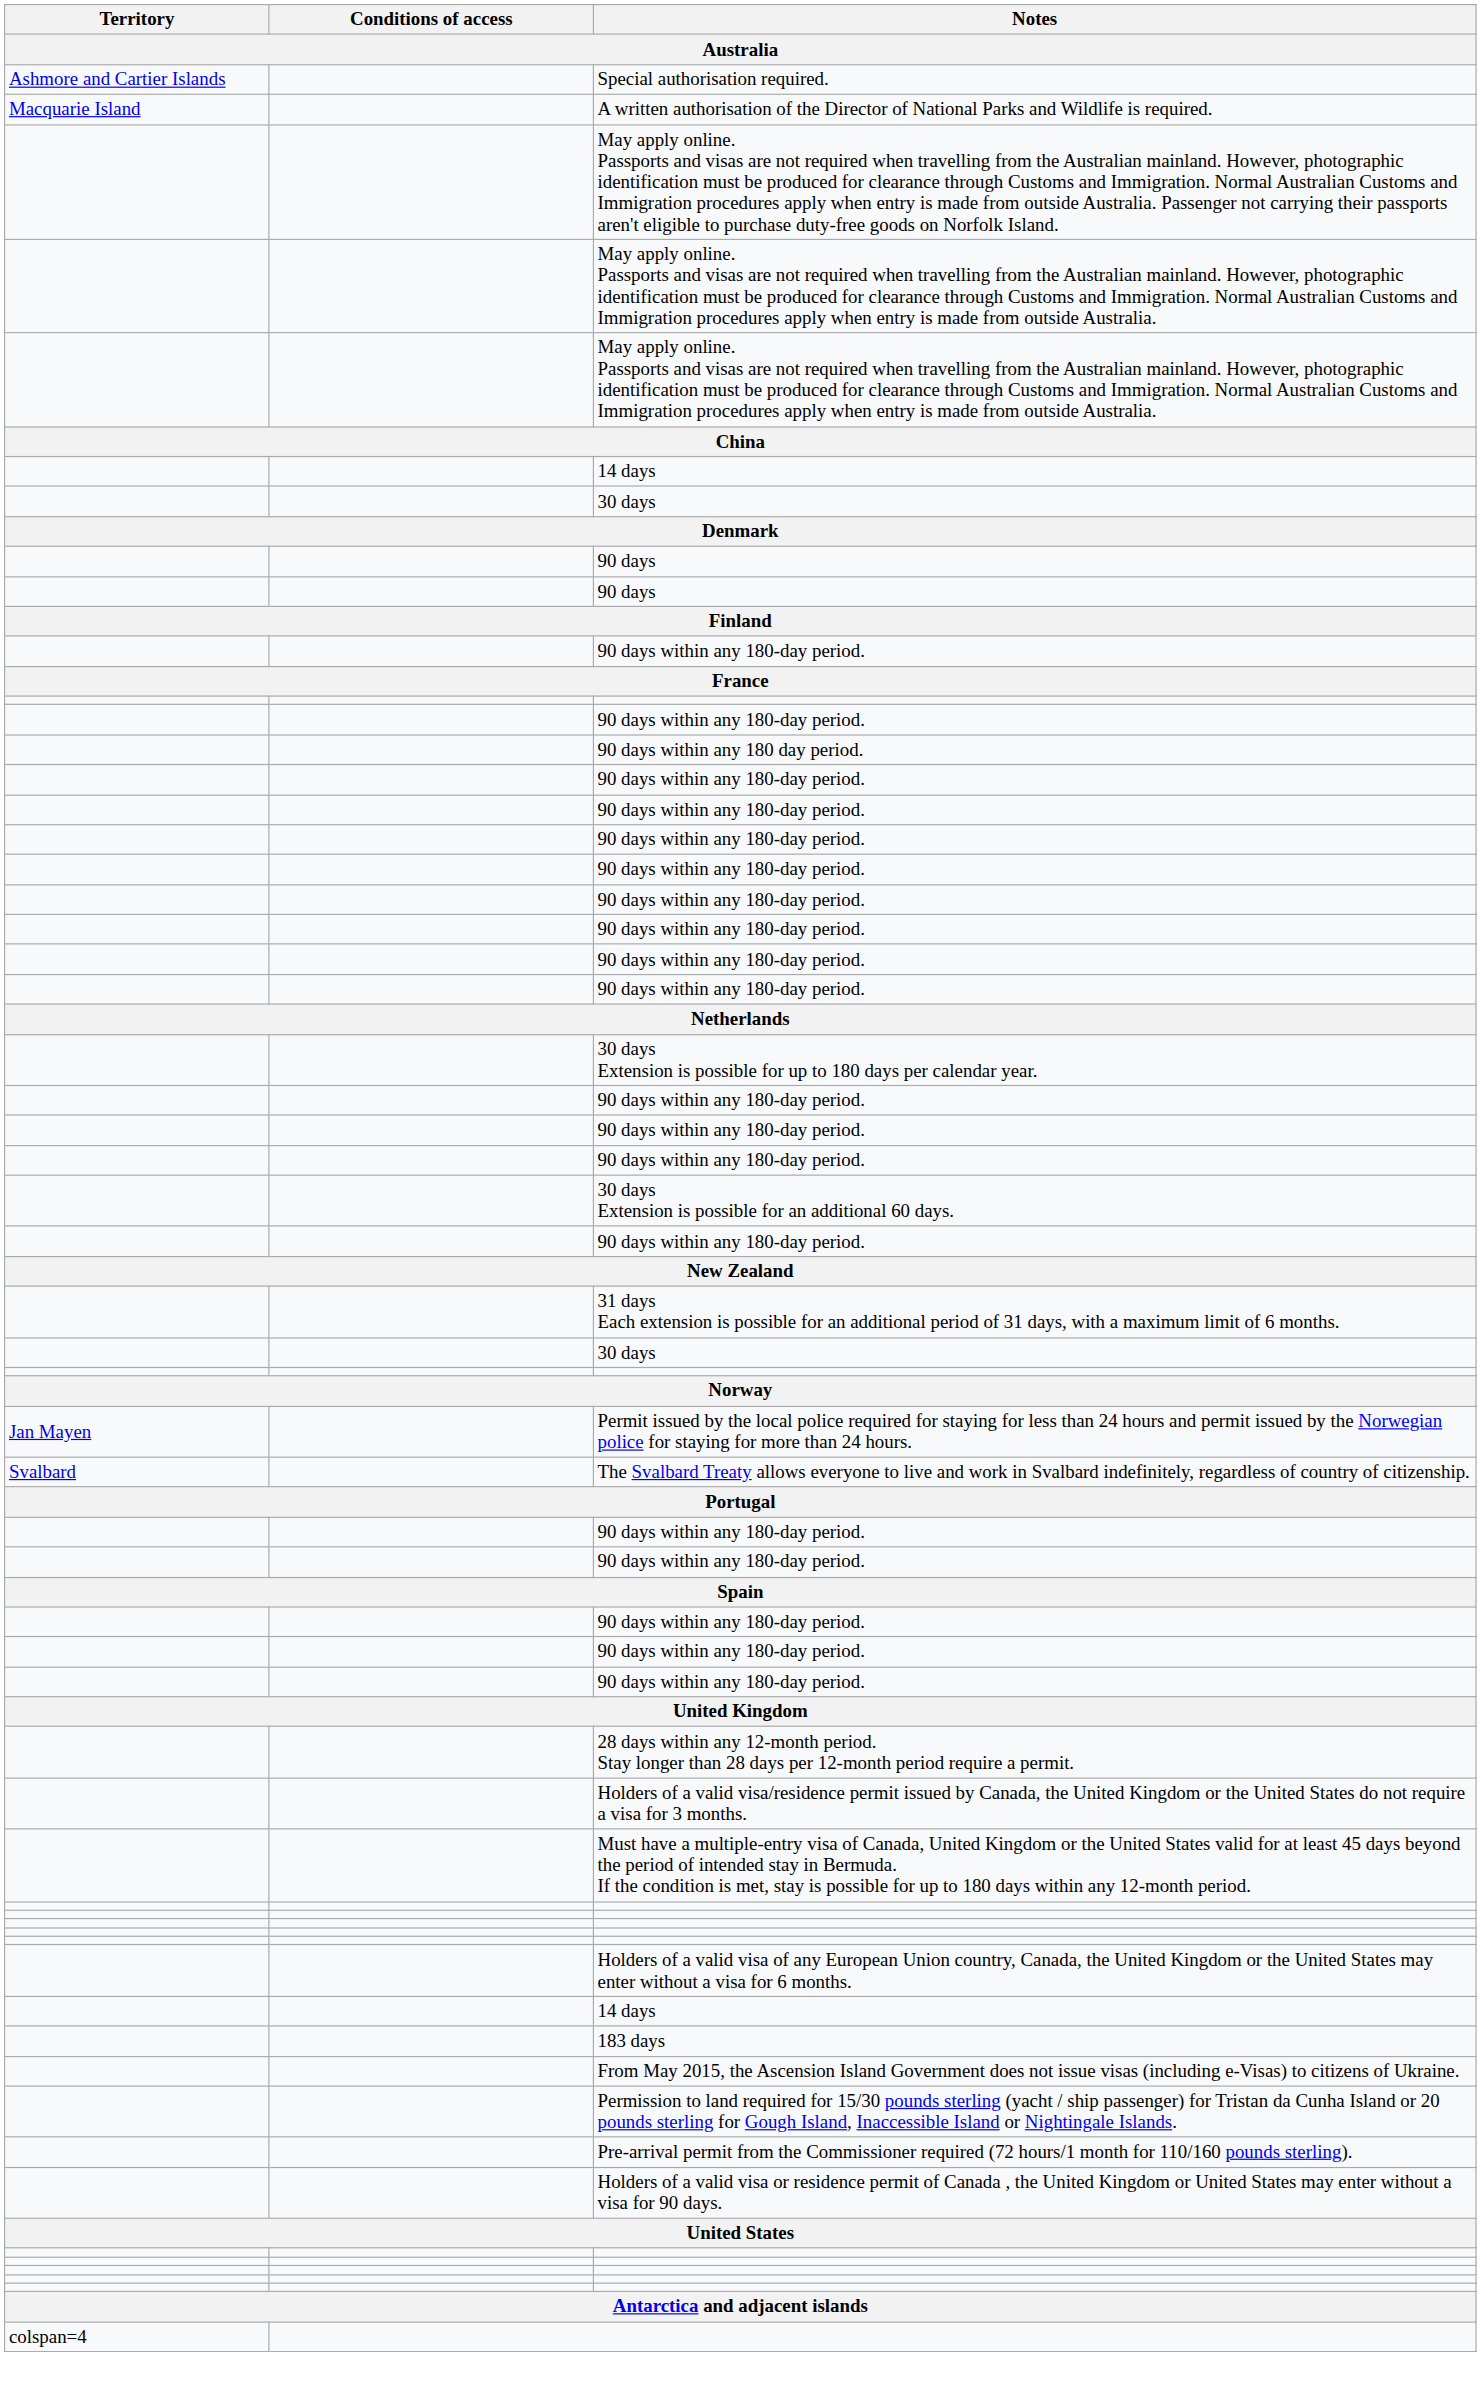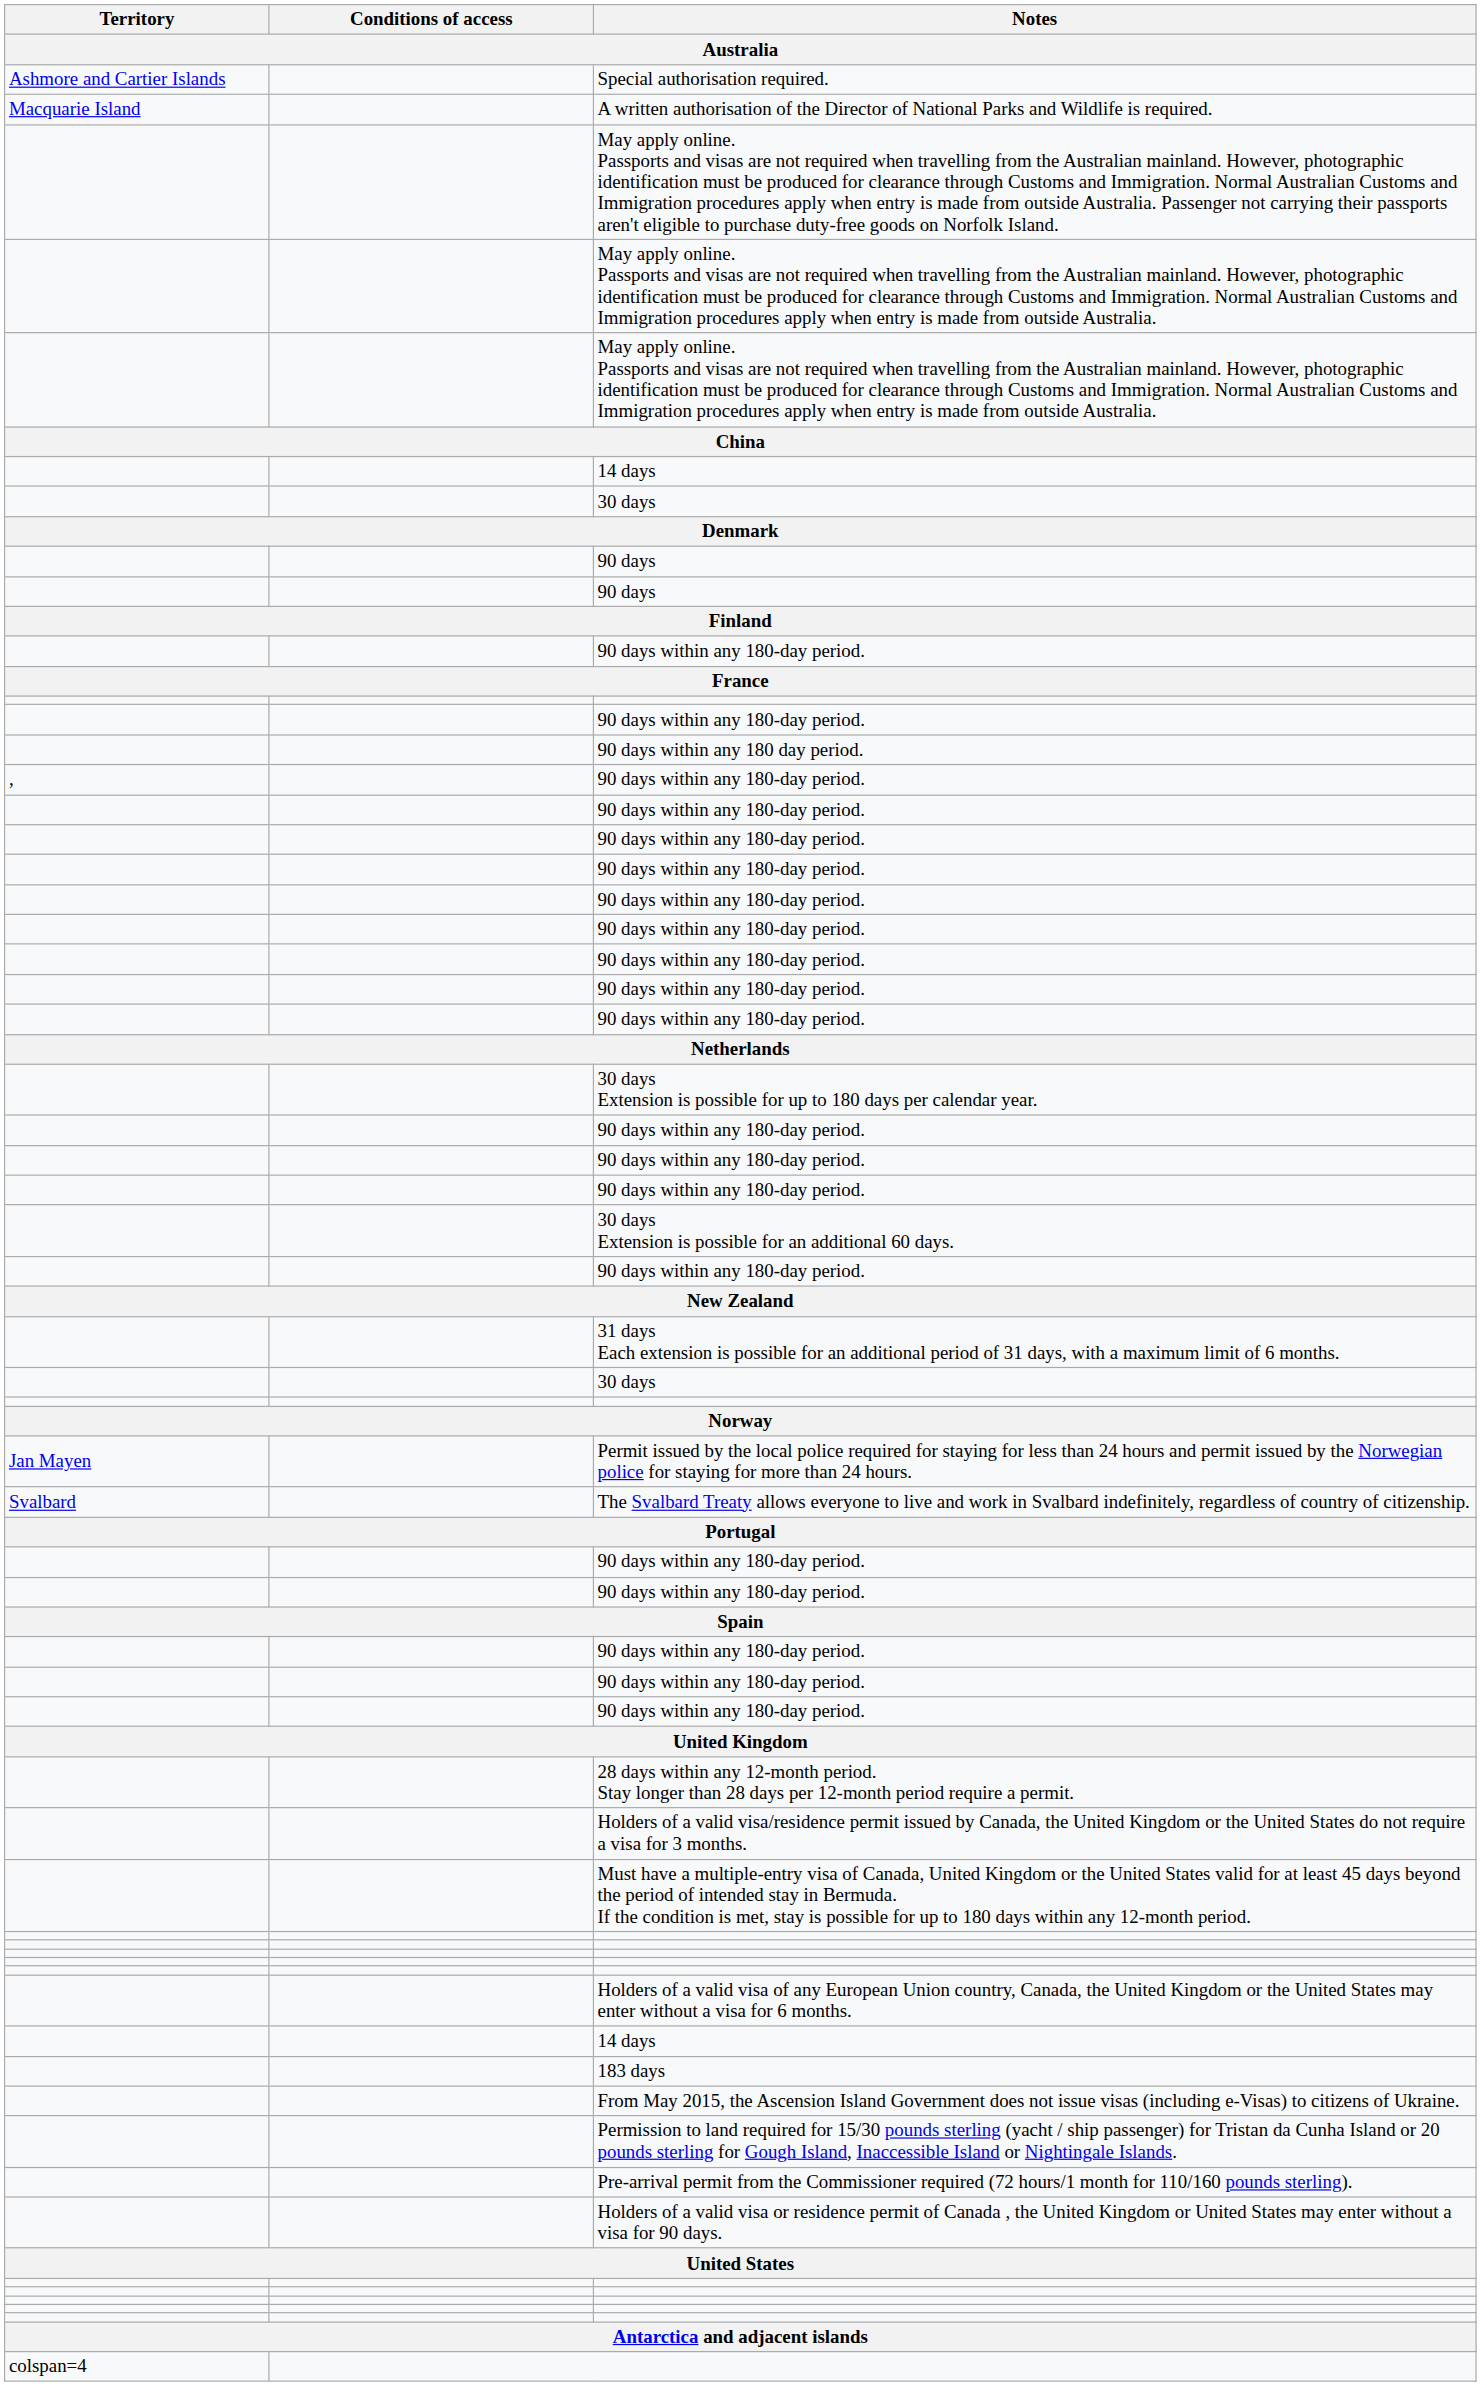 <table class="wikitable sortable sticky-header mw-datatable" style="text-align: left; table-layout: fixed;background:#f8f9faff;">
 <tr>
 <th style="width:18%;">Territory</th>
 <th style="width:22%;">Conditions of access</th>
 <th>Notes</th>
 </tr>
 <tr>
 <th colspan="3">Australia</th>
 </tr>
 <tr>
 <td> <a href='#'>Ashmore and Cartier Islands</a></td>
 <td></td>
 <td>Special authorisation required.</td>
 </tr>
 <tr>
 <td> <a href='#'>Macquarie Island</a></td>
 <td></td>
 <td>A written authorisation of the Director of National Parks and Wildlife is required.</td>
 </tr>
 <tr>
 <td></td>
 <td></td>
 <td>May apply online.<br>Passports and visas are not required when travelling from the Australian mainland. However, photographic identification must be produced for clearance through Customs and Immigration. Normal Australian Customs and Immigration procedures apply when entry is made from outside Australia.  Passenger not carrying their passports aren't eligible to purchase duty-free goods on Norfolk Island.</td>
 </tr>
 <tr>
 <td></td>
 <td></td>
 <td>May apply online.<br>Passports and visas are not required when travelling from the Australian mainland. However, photographic identification must be produced for clearance through Customs and Immigration. Normal Australian Customs and Immigration procedures apply when entry is made from outside Australia.</td>
 </tr>
 <tr>
 <td></td>
 <td></td>
 <td>May apply online.<br>Passports and visas are not required when travelling from the Australian mainland. However, photographic identification must be produced for clearance through Customs and Immigration. Normal Australian Customs and Immigration procedures apply when entry is made from outside Australia.</td>
 </tr>
 <tr>
 <th colspan="3">China</th>
 </tr>
 <tr>
 <td></td>
 <td></td>
 <td>14 days</td>
 </tr>
 <tr>
 <td></td>
 <td></td>
 <td>30 days</td>
 </tr>
 <tr>
 <th colspan="3">Denmark</th>
 </tr>
 <tr>
 <td></td>
 <td></td>
 <td>90 days</td>
 </tr>
 <tr>
 <td></td>
 <td></td>
 <td>90 days</td>
 </tr>
 <tr>
 <th colspan="3">Finland</th>
 </tr>
 <tr>
 <td></td>
 <td></td>
 <td>90 days within any 180-day period.</td>
 </tr>
 <tr>
 <th colspan="3">France</th>
 </tr>
 <tr>
 <td></td>
 <td></td>
 <td></td>
 </tr>
 <tr>
 <td></td>
 <td></td>
 <td>90 days within any 180-day period.</td>
 </tr>
 <tr>
 <td></td>
 <td></td>
 <td>90 days within any 180 day period.</td>
+</tr>
+<tr>
+<td>,</td>
+<td></td>
+<td>90 days within any 180-day period.</td>
 </tr>
 <tr>
 <td></td>
 <td></td>
 <td>90 days within any 180-day period.</td>
 </tr>
 <tr>
 <td></td>
 <td></td>
 <td>90 days within any 180-day period.</td>
 </tr>
 <tr>
 <td></td>
 <td></td>
 <td>90 days within any 180-day period.</td>
 </tr>
 <tr>
 <td></td>
 <td></td>
 <td>90 days within any 180-day period.</td>
 </tr>
 <tr>
 <td></td>
 <td></td>
 <td>90 days within any 180-day period.</td>
 </tr>
 <tr>
 <td></td>
 <td></td>
 <td>90 days within any 180-day period.</td>
 </tr>
 <tr>
 <td></td>
 <td></td>
 <td>90 days within any 180-day period.</td>
 </tr>
 <tr>
 <td></td>
 <td></td>
 <td>90 days within any 180-day period.</td>
 </tr>
 <tr>
 <th colspan="3">Netherlands</th>
 </tr>
 <tr>
 <td></td>
 <td></td>
 <td>30 days<br>Extension is possible for up to 180 days per calendar year.</td>
 </tr>
 <tr>
 <td></td>
 <td></td>
 <td>90 days within any 180-day period.</td>
 </tr>
 <tr>
 <td></td>
 <td></td>
 <td>90 days within any 180-day period.</td>
 </tr>
 <tr>
 <td></td>
 <td></td>
 <td>90 days within any 180-day period.</td>
 </tr>
 <tr>
 <td></td>
 <td></td>
 <td>30 days<br>Extension is possible for an additional 60 days.</td>
 </tr>
 <tr>
 <td></td>
 <td></td>
 <td>90 days within any 180-day period.</td>
 </tr>
 <tr>
 <th colspan="3">New Zealand</th>
 </tr>
 <tr>
 <td></td>
 <td></td>
 <td>31 days<br>Each extension is possible for an additional period of 31 days, with a maximum limit of 6 months.</td>
 </tr>
 <tr>
 <td></td>
 <td></td>
 <td>30 days</td>
 </tr>
 <tr>
 <td></td>
 <td></td>
 <td></td>
 </tr>
 <tr>
 <th colspan="3">Norway</th>
 </tr>
 <tr>
 <td> <a href='#'>Jan Mayen</a></td>
 <td></td>
 <td>Permit issued by the local police required for staying for less than 24 hours and permit issued by the <a href='#'>Norwegian police</a> for staying for more than 24 hours.</td>
 </tr>
 <tr>
 <td> <a href='#'>Svalbard</a></td>
 <td></td>
 <td>The <a href='#'>Svalbard Treaty</a> allows everyone to live and work in Svalbard indefinitely, regardless of country of citizenship.</td>
 </tr>
 <tr>
 <th colspan="3">Portugal</th>
 </tr>
 <tr>
 <td></td>
 <td></td>
 <td>90 days within any 180-day period.</td>
 </tr>
 <tr>
 <td></td>
 <td></td>
 <td>90 days within any 180-day period.</td>
 </tr>
 <tr>
 <th colspan="3">Spain</th>
 </tr>
 <tr>
 <td></td>
 <td></td>
 <td>90 days within any 180-day period.</td>
 </tr>
 <tr>
 <td></td>
 <td></td>
 <td>90 days within any 180-day period.</td>
 </tr>
 <tr>
 <td></td>
 <td></td>
 <td>90 days within any 180-day period.</td>
 </tr>
 <tr>
 <th colspan="3">United Kingdom</th>
 </tr>
 <tr>
 <td></td>
 <td></td>
 <td>28 days within any 12-month period.<br>Stay longer than 28 days per 12-month period require a permit.</td>
 </tr>
 <tr>
 <td></td>
 <td></td>
 <td>Holders of a valid visa/residence permit issued by Canada, the United Kingdom or the United States do not require a visa for 3 months.</td>
 </tr>
 <tr>
 <td></td>
 <td></td>
 <td>Must have a multiple-entry visa of Canada, United Kingdom or the United States valid for at least 45 days beyond the period of intended stay in Bermuda.<br>If the condition is met, stay is possible for up to 180 days within any 12-month period.</td>
 </tr>
 <tr>
 <td></td>
 <td></td>
 <td></td>
 </tr>
 <tr>
 <td></td>
 <td></td>
 <td></td>
 </tr>
 <tr>
 <td></td>
 <td></td>
 <td></td>
 </tr>
 <tr>
 <td></td>
 <td></td>
 <td></td>
 </tr>
 <tr>
 <td></td>
 <td></td>
 <td></td>
 </tr>
 <tr>
 <td></td>
 <td></td>
 <td>Holders of a valid visa of any European Union country, Canada, the United Kingdom or the United States may enter without a visa for 6 months.</td>
 </tr>
 <tr>
 <td></td>
 <td></td>
 <td>14 days</td>
 </tr>
 <tr>
 <td></td>
 <td></td>
 <td>183 days</td>
 </tr>
 <tr>
 <td></td>
 <td></td>
 <td>From May 2015, the Ascension Island Government does not issue visas (including e-Visas) to citizens of Ukraine.</td>
 </tr>
 <tr>
 <td></td>
 <td></td>
 <td>Permission to land required for 15/30 <a href='#'>pounds sterling</a> (yacht / ship passenger) for Tristan da Cunha Island or 20 <a href='#'>pounds sterling</a> for <a href='#'>Gough Island</a>, <a href='#'>Inaccessible Island</a> or <a href='#'>Nightingale Islands</a>.</td>
 </tr>
 <tr>
 <td></td>
 <td></td>
 <td>Pre-arrival permit from the Commissioner required (72 hours/1 month for 110/160 <a href='#'>pounds sterling</a>).</td>
 </tr>
 <tr>
 <td></td>
 <td></td>
 <td>Holders of a valid visa or residence permit of Canada , the United Kingdom or United States may enter without a visa for 90 days.</td>
 </tr>
 <tr>
 <th colspan="3">United States</th>
 </tr>
 <tr>
 <td></td>
 <td></td>
 <td></td>
 </tr>
 <tr>
 <td></td>
 <td></td>
 <td></td>
 </tr>
 <tr>
 <td></td>
 <td></td>
 <td></td>
 </tr>
 <tr>
 <td></td>
 <td></td>
 <td></td>
 </tr>
 <tr>
 <td></td>
 <td></td>
 <td></td>
 </tr>
 <tr>
 <th colspan="3"><a href='#'>Antarctica</a> and adjacent islands</th>
 </tr>
 <tr>
 <td>colspan=4 </td>
 </tr>
 </table>
